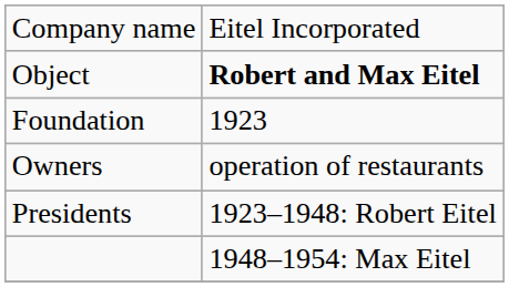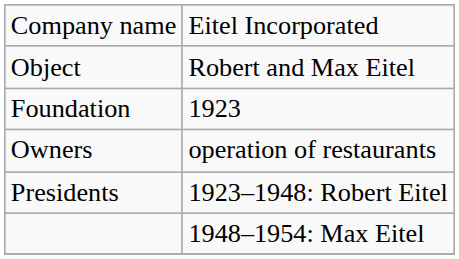 <table class="wikitable toptextcells">
 <tr>
 <td>Company name</td>
 <td>Eitel Incorporated</td>
 </tr>
 <tr>
 <td>Object</td>
-<td><strong>Robert and Max Eitel</strong></td>
+<td>Robert and Max Eitel</td>
 </tr>
 <tr>
 <td>Foundation</td>
 <td>1923</td>
 </tr>
 <tr>
 <td>Owners</td>
 <td>operation of restaurants</td>
 </tr>
 <tr>
 <td>Presidents</td>
 <td>1923–1948: Robert Eitel</td>
 </tr>
 <tr>
 <td></td>
 <td>1948–1954: Max Eitel</td>
 </tr>
 <tr>
 </tr>
 </table>
